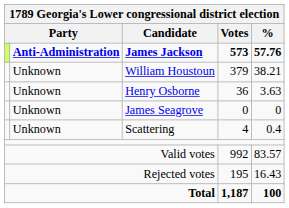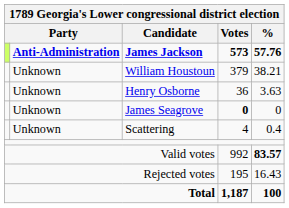 <table class=wikitable style=text-align:right>
 <tr>
 <th colspan="5">1789 Georgia's Lower congressional district election</th>
 </tr>
 <tr>
 <th colspan=2>Party</th>
 <th>Candidate</th>
 <th>Votes</th>
 <th>%</th>
 </tr>
 <tr>
 <td bgcolor=#CCFF66></td>
 <td align=left><strong><a href='#'>Anti-Administration</a></strong></td>
 <td align=left><strong><a href='#'>James Jackson</a></strong></td>
 <td><strong>573</strong></td>
 <td><strong>57.76</strong></td>
 </tr>
 <tr>
 <td></td>
 <td align=left>Unknown</td>
 <td align=left><a href='#'>William Houstoun</a></td>
 <td>379</td>
 <td>38.21</td>
 </tr>
 <tr>
 <td></td>
 <td align=left>Unknown</td>
 <td align=left><a href='#'>Henry Osborne</a></td>
 <td>36</td>
 <td>3.63</td>
 </tr>
 <tr>
 <td></td>
 <td align=left>Unknown</td>
 <td align=left><a href='#'>James Seagrove</a></td>
-<td>0</td>
+<td><strong>0</strong></td>
 <td>0</td>
 </tr>
 <tr>
 <td></td>
 <td align=left>Unknown</td>
 <td align=left>Scattering</td>
 <td>4</td>
 <td>0.4</td>
 </tr>
 <tr>
 <td colspan=12></td>
 </tr>
 <tr>
 <td colspan=3>Valid votes</td>
 <td>992</td>
-<td>83.57</td>
+<td><strong>83.57</strong></td>
 </tr>
 <tr>
 <td colspan=3>Rejected votes</td>
 <td>195</td>
 <td>16.43</td>
 </tr>
 <tr>
 <td colspan=3><strong>Total</strong></td>
 <td><strong>1,187</strong></td>
 <td><strong>100</strong></td>
 </tr>
 </table>
